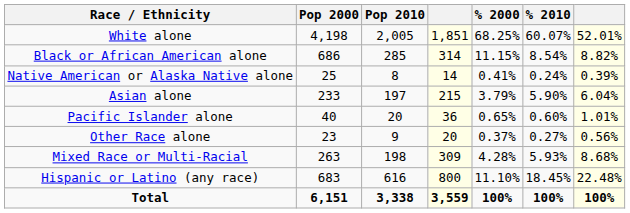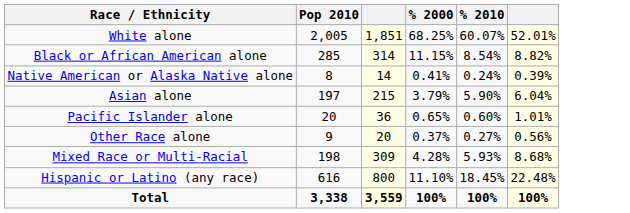 <table class="wikitable" style="text-align:center;">
 <tr>
 <th>Race / Ethnicity</th>
-<th>Pop 2000</th>
 <th>Pop 2010</th>
 <th></th>
 <th>% 2000</th>
 <th>% 2010</th>
 <th></th>
 </tr>
 <tr>
 <td><a href='#'>White</a> alone</td>
-<td>4,198</td>
 <td>2,005</td>
 <td style='background: #ffffe6;'>1,851</td>
 <td>68.25%</td>
 <td>60.07%</td>
 <td style='background: #ffffe6;'>52.01%</td>
 </tr>
 <tr>
 <td><a href='#'>Black or African American</a> alone</td>
-<td>686</td>
 <td>285</td>
 <td style='background: #ffffe6;'>314</td>
 <td>11.15%</td>
 <td>8.54%</td>
 <td style='background: #ffffe6;'>8.82%</td>
 </tr>
 <tr>
 <td><a href='#'>Native American</a> or <a href='#'>Alaska Native</a> alone</td>
-<td>25</td>
 <td>8</td>
 <td style='background: #ffffe6;'>14</td>
 <td>0.41%</td>
 <td>0.24%</td>
 <td style='background: #ffffe6;'>0.39%</td>
 </tr>
 <tr>
 <td><a href='#'>Asian</a> alone</td>
-<td>233</td>
 <td>197</td>
 <td style='background: #ffffe6;'>215</td>
 <td>3.79%</td>
 <td>5.90%</td>
 <td style='background: #ffffe6;'>6.04%</td>
 </tr>
 <tr>
 <td><a href='#'>Pacific Islander</a> alone</td>
-<td>40</td>
 <td>20</td>
 <td style='background: #ffffe6;'>36</td>
 <td>0.65%</td>
 <td>0.60%</td>
 <td style='background: #ffffe6;'>1.01%</td>
 </tr>
 <tr>
 <td><a href='#'>Other Race</a> alone</td>
-<td>23</td>
 <td>9</td>
 <td style='background: #ffffe6;'>20</td>
 <td>0.37%</td>
 <td>0.27%</td>
 <td style='background: #ffffe6;'>0.56%</td>
 </tr>
 <tr>
 <td><a href='#'>Mixed Race or Multi-Racial</a></td>
-<td>263</td>
 <td>198</td>
 <td style='background: #ffffe6;'>309</td>
 <td>4.28%</td>
 <td>5.93%</td>
 <td style='background: #ffffe6;'>8.68%</td>
 </tr>
 <tr>
 <td><a href='#'>Hispanic or Latino</a> (any race)</td>
-<td>683</td>
 <td>616</td>
 <td style='background: #ffffe6;'>800</td>
 <td>11.10%</td>
 <td>18.45%</td>
 <td style='background: #ffffe6;'>22.48%</td>
 </tr>
 <tr>
 <td><strong>Total</strong></td>
-<td><strong>6,151</strong></td>
 <td><strong>3,338</strong></td>
 <td style='background: #ffffe6;'><strong>3,559</strong></td>
 <td><strong>100%</strong></td>
 <td><strong>100%</strong></td>
 <td style='background: #ffffe6;'><strong>100%</strong></td>
 </tr>
 </table>
